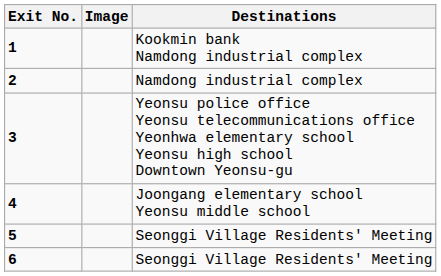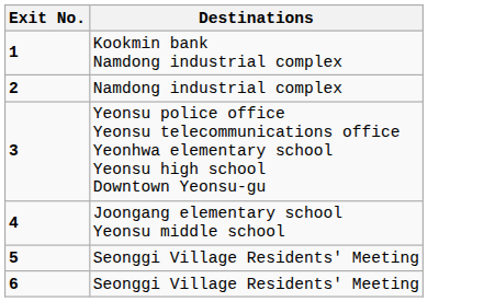 <table class="wikitable">
 <tr>
 <th>Exit No.</th>
-<th>Image</th>
 <th>Destinations</th>
 </tr>
 <tr>
 <td><span><strong>1</strong></span></td>
-<td></td>
 <td>Kookmin bank<br>Namdong industrial complex</td>
 </tr>
 <tr>
 <td><span><strong>2</strong></span></td>
-<td></td>
 <td>Namdong industrial complex</td>
 </tr>
 <tr>
 <td><span><strong>3</strong></span></td>
-<td></td>
 <td>Yeonsu police office<br>Yeonsu telecommunications office<br>Yeonhwa elementary school<br>Yeonsu high school<br>Downtown Yeonsu-gu</td>
 </tr>
 <tr>
 <td><span><strong>4</strong></span></td>
-<td></td>
 <td>Joongang elementary school<br>Yeonsu middle school</td>
 </tr>
 <tr>
 <td><span><strong>5</strong></span></td>
-<td></td>
 <td>Seonggi Village Residents' Meeting</td>
 </tr>
 <tr>
 <td><span><strong>6</strong></span></td>
-<td></td>
 <td>Seonggi Village Residents' Meeting</td>
 </tr>
 </table>
